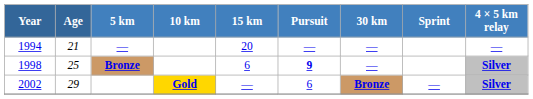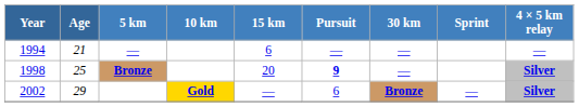 <table class="wikitable" style="font-size:95%; text-align:center; border:grey solid 1px; border-collapse:collapse; background:#ffffff;">
 <tr>
 <th style="background-color:#369; color:white; width:60px;"> Year </th>
 <th style="background-color:#369; color:white; width:40px;"> Age </th>
 <th style="background-color:#4180be; color:white; width:75px;"> 5 km </th>
 <th style="background-color:#4180be; color:white; width:75px;"> 10 km </th>
 <th style="background-color:#4180be; color:white; width:75px;"> 15 km </th>
 <th style="background-color:#4180be; color:white; width:75px;"> Pursuit </th>
 <th style="background-color:#4180be; color:white; width:75px;"> 30 km </th>
 <th style="background-color:#4180be; color:white; width:75px;"> Sprint </th>
 <th style="background-color:#4180be; color:white; width:75px;"> 4 × 5 km <br> relay </th>
 </tr>
 <tr>
 <td><a href='#'>1994</a></td>
 <td><em>21</em></td>
 <td><a href='#'>—</a></td>
 <td></td>
-<td><a href='#'>20</a></td>
+<td><a href='#'>6</a></td>
 <td><a href='#'>—</a></td>
 <td><a href='#'>—</a></td>
 <td></td>
 <td><a href='#'>—</a></td>
 </tr>
 <tr>
 <td><a href='#'>1998</a></td>
 <td><em>25</em></td>
 <td bgcolor="cc9966"><a href='#'><strong>Bronze</strong></a></td>
 <td></td>
-<td><a href='#'>6</a></td>
+<td><a href='#'>20</a></td>
 <td><strong><a href='#'>9</a></strong></td>
 <td><a href='#'>—</a></td>
 <td></td>
 <td style="background:silver;"><a href='#'><strong>Silver</strong></a></td>
 </tr>
 <tr>
 <td><a href='#'>2002</a></td>
 <td><em>29</em></td>
 <td></td>
 <td style="background:gold;"><a href='#'><strong>Gold</strong></a></td>
 <td><a href='#'>—</a></td>
 <td><a href='#'>6</a></td>
 <td bgcolor="cc9966"><a href='#'><strong>Bronze</strong></a></td>
 <td><a href='#'>—</a></td>
 <td style="background:silver;"><a href='#'><strong>Silver</strong></a></td>
 </tr>
 <tr>
 </tr>
 </table>
